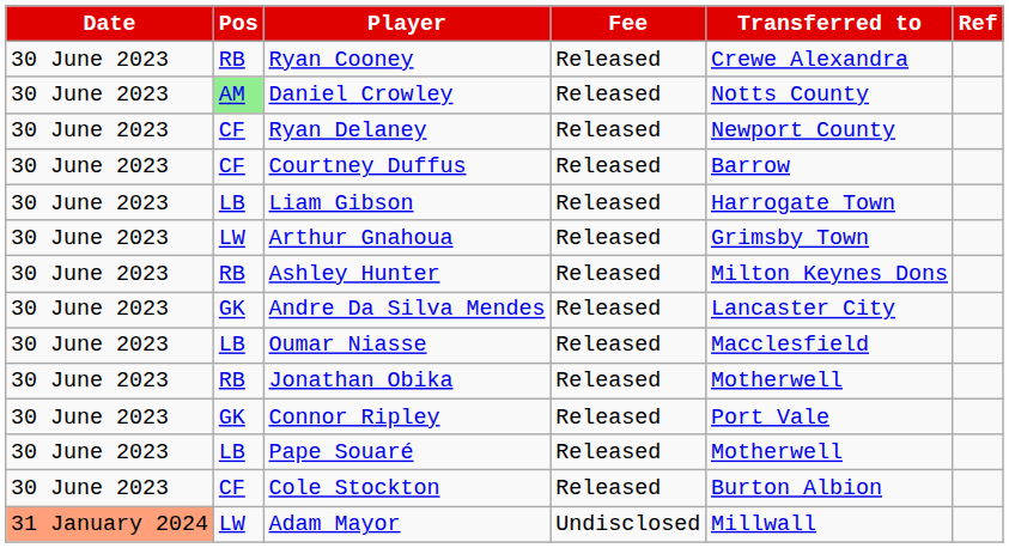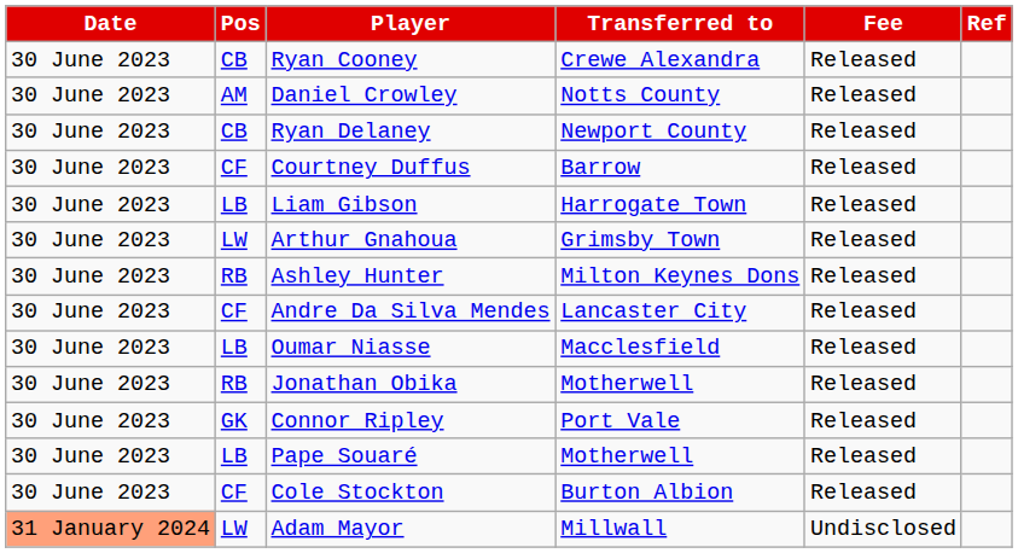 <table class="wikitable plainrowheaders sortable">
 <tr>
 <th style="background:#E00000; color:#ffffff; ">Date</th>
 <th style="background:#E00000; color:#ffffff; ">Pos</th>
 <th style="background:#E00000; color:#ffffff; ">Player</th>
+<th style="background:#E00000; color:#ffffff; ">Transferred to</th>
 <th style="background:#E00000; color:#ffffff; ">Fee</th>
-<th style="background:#E00000; color:#ffffff; ">Transferred to</th>
 <th style="background:#E00000; color:#ffffff; ">Ref</th>
 </tr>
 <tr>
 <td>30 June 2023</td>
-<td><a href='#'>RB</a></td>
+<td><a href='#'>CB</a></td>
 <td> <a href='#'>Ryan Cooney</a></td>
+<td> <a href='#'>Crewe Alexandra</a></td>
 <td>Released</td>
-<td> <a href='#'>Crewe Alexandra</a></td>
 <td></td>
 </tr>
 <tr>
 <td>30 June 2023</td>
-<td style="background: lightgreen;"><a href='#'>AM</a></td>
+<td><a href='#'>AM</a></td>
 <td> <a href='#'>Daniel Crowley</a></td>
+<td> <a href='#'>Notts County</a></td>
 <td>Released</td>
-<td> <a href='#'>Notts County</a></td>
 <td></td>
 </tr>
 <tr>
 <td>30 June 2023</td>
-<td><a href='#'>CF</a></td>
+<td><a href='#'>CB</a></td>
 <td> <a href='#'>Ryan Delaney</a></td>
+<td> <a href='#'>Newport County</a></td>
 <td>Released</td>
-<td> <a href='#'>Newport County</a></td>
 <td></td>
 </tr>
 <tr>
 <td>30 June 2023</td>
 <td><a href='#'>CF</a></td>
 <td> <a href='#'>Courtney Duffus</a></td>
+<td> <a href='#'>Barrow</a></td>
 <td>Released</td>
-<td> <a href='#'>Barrow</a></td>
 <td></td>
 </tr>
 <tr>
 <td>30 June 2023</td>
 <td><a href='#'>LB</a></td>
 <td> <a href='#'>Liam Gibson</a></td>
+<td> <a href='#'>Harrogate Town</a></td>
 <td>Released</td>
-<td> <a href='#'>Harrogate Town</a></td>
 <td></td>
 </tr>
 <tr>
 <td>30 June 2023</td>
 <td><a href='#'>LW</a></td>
 <td> <a href='#'>Arthur Gnahoua</a></td>
+<td> <a href='#'>Grimsby Town</a></td>
 <td>Released</td>
-<td> <a href='#'>Grimsby Town</a></td>
 <td></td>
 </tr>
 <tr>
 <td>30 June 2023</td>
 <td><a href='#'>RB</a></td>
 <td> <a href='#'>Ashley Hunter</a></td>
+<td> <a href='#'>Milton Keynes Dons</a></td>
 <td>Released</td>
-<td> <a href='#'>Milton Keynes Dons</a></td>
 <td></td>
 </tr>
 <tr>
 <td>30 June 2023</td>
-<td><a href='#'>GK</a></td>
+<td><a href='#'>CF</a></td>
 <td> <a href='#'>Andre Da Silva Mendes</a></td>
+<td> <a href='#'>Lancaster City</a></td>
 <td>Released</td>
-<td> <a href='#'>Lancaster City</a></td>
 <td></td>
 </tr>
 <tr>
 <td>30 June 2023</td>
 <td><a href='#'>LB</a></td>
 <td> <a href='#'>Oumar Niasse</a></td>
+<td>  <a href='#'>Macclesfield</a></td>
 <td>Released</td>
-<td>  <a href='#'>Macclesfield</a></td>
 <td></td>
 </tr>
 <tr>
 <td>30 June 2023</td>
 <td><a href='#'>RB</a></td>
 <td> <a href='#'>Jonathan Obika</a></td>
+<td> <a href='#'>Motherwell</a></td>
 <td>Released</td>
-<td> <a href='#'>Motherwell</a></td>
 <td></td>
 </tr>
 <tr>
 <td>30 June 2023</td>
 <td><a href='#'>GK</a></td>
 <td> <a href='#'>Connor Ripley</a></td>
+<td> <a href='#'>Port Vale</a></td>
 <td>Released</td>
-<td> <a href='#'>Port Vale</a></td>
 <td></td>
 </tr>
 <tr>
 <td>30 June 2023</td>
 <td><a href='#'>LB</a></td>
 <td> <a href='#'>Pape Souaré</a></td>
+<td> <a href='#'>Motherwell</a></td>
 <td>Released</td>
-<td> <a href='#'>Motherwell</a></td>
 <td></td>
 </tr>
 <tr>
 <td>30 June 2023</td>
 <td><a href='#'>CF</a></td>
 <td> <a href='#'>Cole Stockton</a></td>
+<td> <a href='#'>Burton Albion</a></td>
 <td>Released</td>
-<td> <a href='#'>Burton Albion</a></td>
 <td></td>
 </tr>
 <tr>
 <td style="background: lightsalmon;">31 January 2024</td>
 <td><a href='#'>LW</a></td>
 <td> <a href='#'>Adam Mayor</a></td>
+<td> <a href='#'>Millwall</a></td>
 <td>Undisclosed</td>
-<td> <a href='#'>Millwall</a></td>
 <td></td>
 </tr>
 </table>
